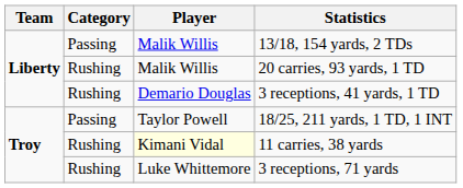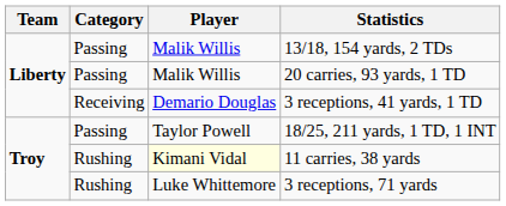 <table class="wikitable" style="float: left;">
 <tr>
 <th>Team</th>
 <th>Category</th>
 <th>Player</th>
 <th>Statistics</th>
 </tr>
 <tr>
 <td rowspan=3><strong>Liberty</strong></td>
 <td>Passing</td>
 <td><a href='#'>Malik Willis</a></td>
 <td>13/18, 154 yards, 2 TDs</td>
 </tr>
 <tr>
-<td>Rushing</td>
+<td>Passing</td>
 <td>Malik Willis</td>
 <td>20 carries, 93 yards, 1 TD</td>
 </tr>
 <tr>
-<td>Rushing</td>
+<td>Receiving</td>
 <td><a href='#'>Demario Douglas</a></td>
 <td>3 receptions, 41 yards, 1 TD</td>
 </tr>
 <tr>
 <td rowspan=3><strong>Troy</strong></td>
 <td>Passing</td>
 <td>Taylor Powell</td>
 <td>18/25, 211 yards, 1 TD, 1 INT</td>
 </tr>
 <tr>
 <td>Rushing</td>
 <td style="background: lightyellow;">Kimani Vidal</td>
 <td>11 carries, 38 yards</td>
 </tr>
 <tr>
 <td>Rushing</td>
 <td>Luke Whittemore</td>
 <td>3 receptions, 71 yards</td>
 </tr>
 </table>
